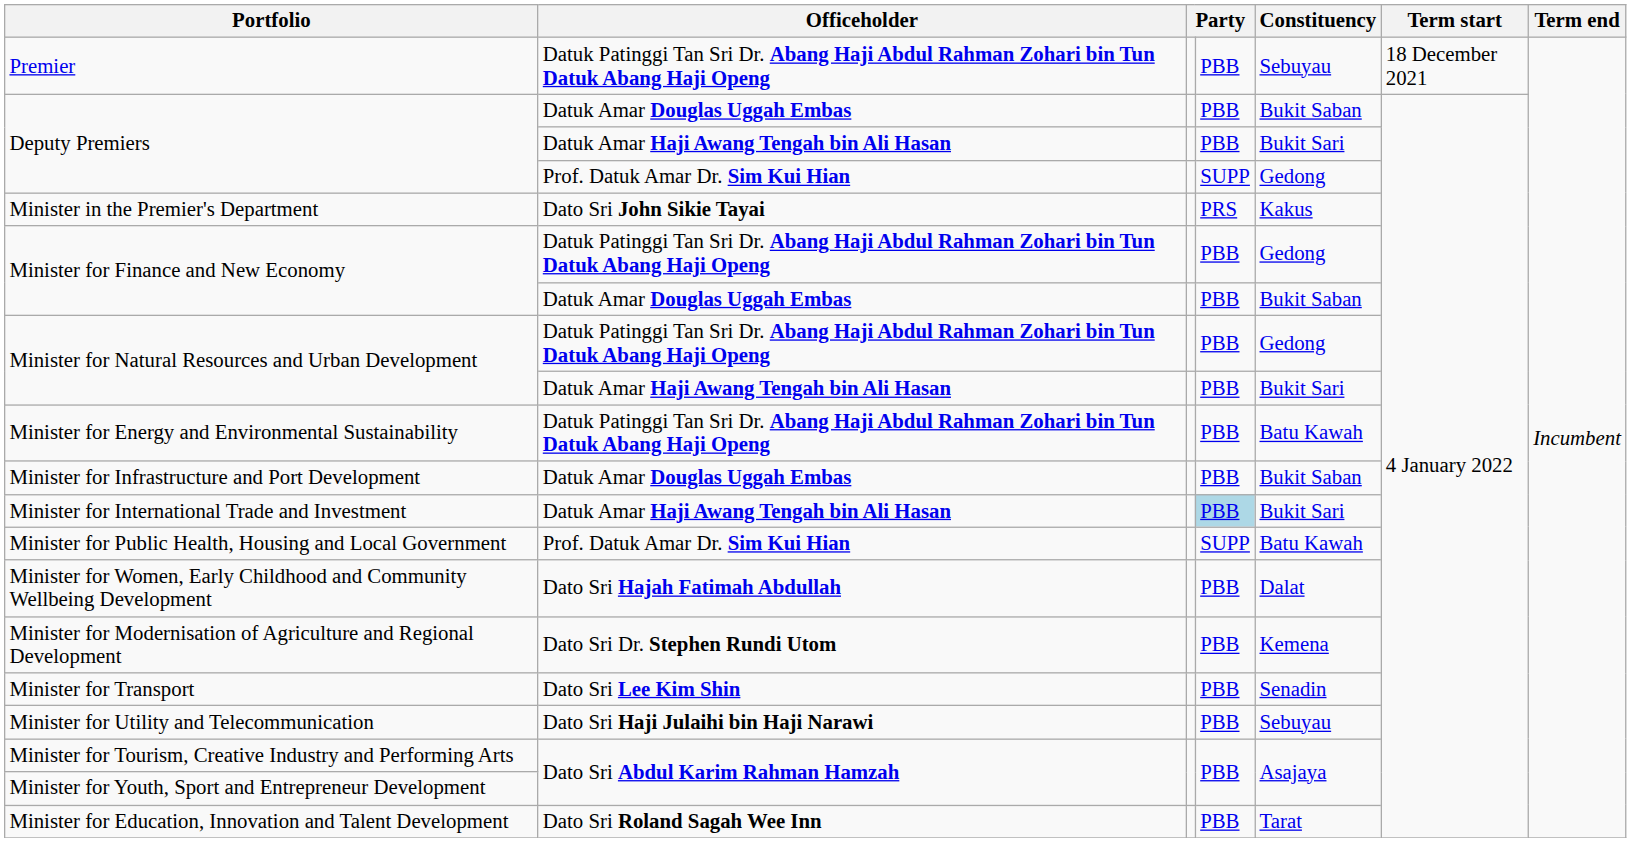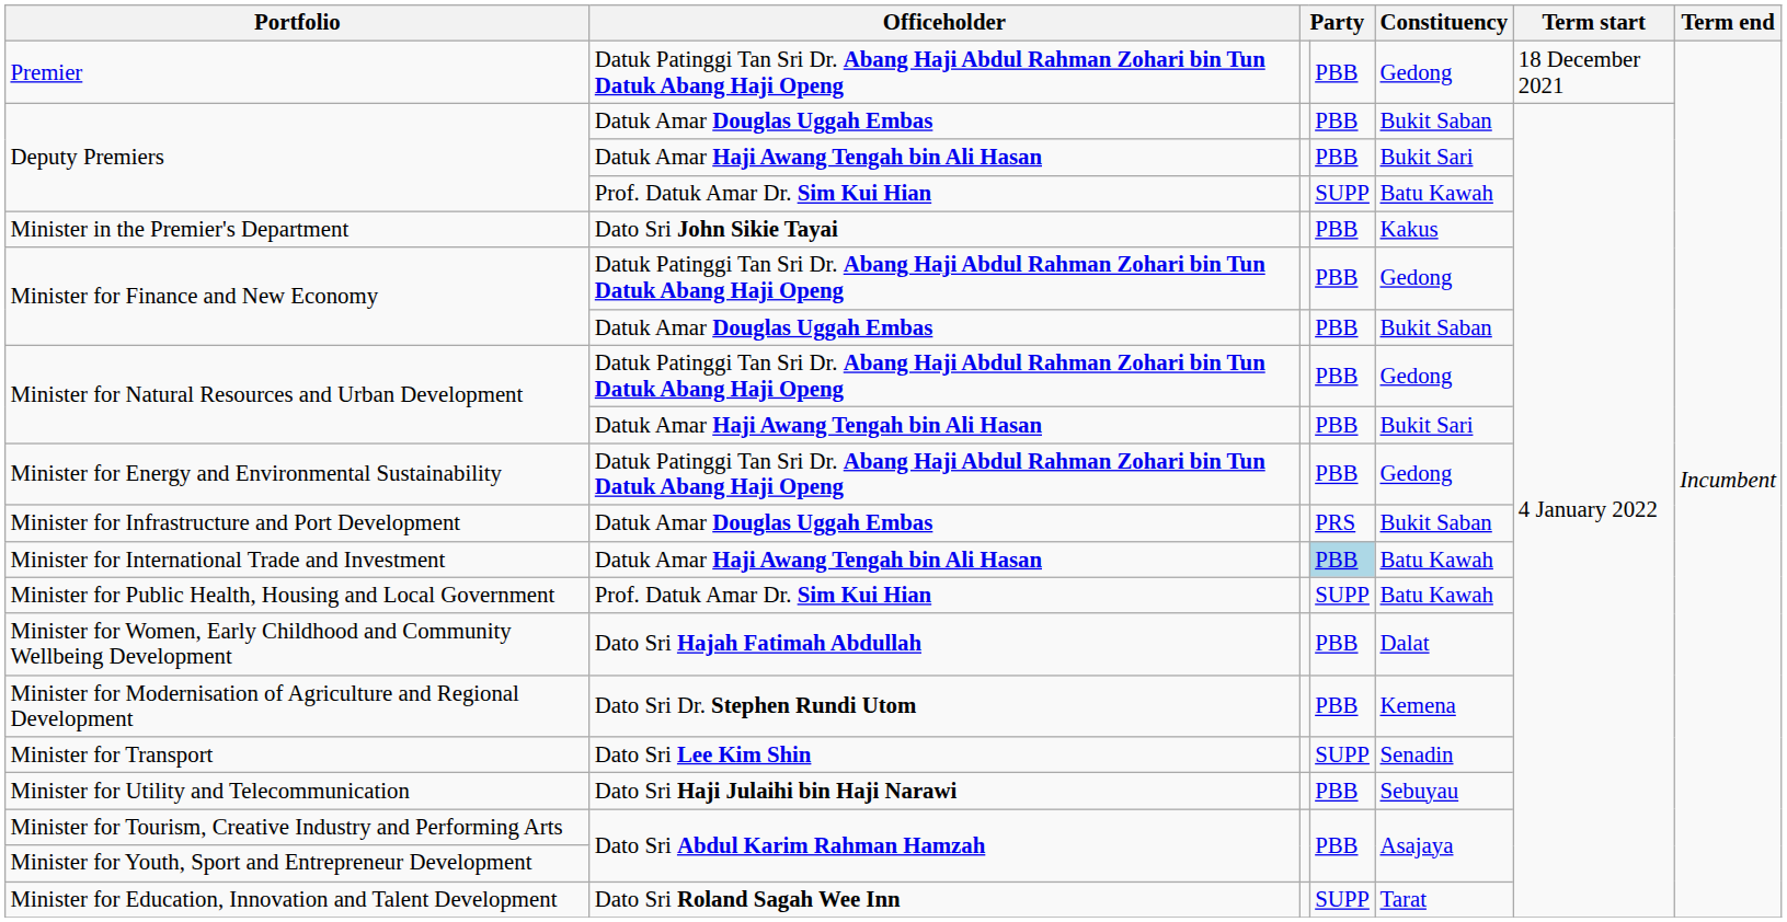 <table class="wikitable sortable">
 <tr>
 <th>Portfolio</th>
 <th>Officeholder</th>
 <th colspan="2">Party</th>
 <th>Constituency</th>
 <th>Term start</th>
 <th>Term end</th>
 </tr>
 <tr>
 <td><a href='#'>Premier</a></td>
 <td>Datuk Patinggi Tan Sri Dr. <strong><a href='#'>Abang Haji Abdul Rahman Zohari bin Tun Datuk Abang Haji Openg</a></strong></td>
 <td style="background:"></td>
 <td><a href='#'>PBB</a></td>
-<td><a href='#'>Sebuyau</a></td>
+<td><a href='#'>Gedong</a></td>
 <td>18 December 2021</td>
 <td rowspan="20"><em>Incumbent</em></td>
 </tr>
 <tr>
 <td rowspan="3">Deputy Premiers</td>
 <td>Datuk Amar <strong><a href='#'>Douglas Uggah Embas</a></strong></td>
 <td style="background:"></td>
 <td><a href='#'>PBB</a></td>
 <td><a href='#'>Bukit Saban</a></td>
 <td rowspan="20">4 January 2022</td>
 </tr>
 <tr>
 <td>Datuk Amar <strong><a href='#'>Haji Awang Tengah bin Ali Hasan</a></strong></td>
 <td style="background:"></td>
 <td><a href='#'>PBB</a></td>
 <td><a href='#'>Bukit Sari</a></td>
 </tr>
 <tr>
 <td>Prof. Datuk Amar Dr. <strong><a href='#'>Sim Kui Hian</a></strong></td>
 <td></td>
 <td><a href='#'>SUPP</a></td>
-<td><a href='#'>Gedong</a></td>
+<td><a href='#'>Batu Kawah</a></td>
 </tr>
 <tr>
 <td>Minister in the Premier's Department</td>
 <td>Dato Sri <strong>John Sikie Tayai</strong></td>
 <td></td>
-<td><a href='#'>PRS</a></td>
+<td><a href='#'>PBB</a></td>
 <td><a href='#'>Kakus</a></td>
 </tr>
 <tr>
 <td rowspan="2">Minister for Finance and New Economy</td>
 <td>Datuk Patinggi Tan Sri Dr. <strong><a href='#'>Abang Haji Abdul Rahman Zohari bin Tun Datuk Abang Haji Openg</a></strong></td>
 <td style="background:"></td>
 <td><a href='#'>PBB</a></td>
 <td><a href='#'>Gedong</a></td>
 </tr>
 <tr>
 <td>Datuk Amar <strong><a href='#'>Douglas Uggah Embas</a></strong> <br> </td>
 <td style="background:"></td>
 <td><a href='#'>PBB</a></td>
 <td><a href='#'>Bukit Saban</a></td>
 </tr>
 <tr>
 <td rowspan="2">Minister for Natural Resources and Urban Development</td>
 <td>Datuk Patinggi Tan Sri Dr. <strong><a href='#'>Abang Haji Abdul Rahman Zohari bin Tun Datuk Abang Haji Openg</a></strong></td>
 <td style="background:"></td>
 <td><a href='#'>PBB</a></td>
 <td><a href='#'>Gedong</a></td>
 </tr>
 <tr>
 <td>Datuk Amar <strong><a href='#'>Haji Awang Tengah bin Ali Hasan</a></strong> <br> </td>
 <td style="background:"></td>
 <td><a href='#'>PBB</a></td>
 <td><a href='#'>Bukit Sari</a></td>
 </tr>
 <tr>
 <td>Minister for Energy and Environmental Sustainability</td>
 <td>Datuk Patinggi Tan Sri Dr. <strong><a href='#'>Abang Haji Abdul Rahman Zohari bin Tun Datuk Abang Haji Openg</a></strong></td>
 <td style="background:"></td>
 <td><a href='#'>PBB</a></td>
-<td><a href='#'>Batu Kawah</a></td>
+<td><a href='#'>Gedong</a></td>
 </tr>
 <tr>
 <td>Minister for Infrastructure and Port Development</td>
 <td>Datuk Amar <strong><a href='#'>Douglas Uggah Embas</a></strong></td>
 <td style="background:"></td>
-<td><a href='#'>PBB</a></td>
+<td><a href='#'>PRS</a></td>
 <td><a href='#'>Bukit Saban</a></td>
 </tr>
 <tr>
 <td>Minister for International Trade and Investment</td>
 <td>Datuk Amar <strong><a href='#'>Haji Awang Tengah bin Ali Hasan</a></strong></td>
 <td style="background:"></td>
 <td style="background: lightblue;"><a href='#'>PBB</a></td>
-<td><a href='#'>Bukit Sari</a></td>
+<td><a href='#'>Batu Kawah</a></td>
 </tr>
 <tr>
 <td>Minister for Public Health, Housing and Local Government</td>
 <td>Prof. Datuk Amar Dr. <strong><a href='#'>Sim Kui Hian</a></strong></td>
 <td></td>
 <td><a href='#'>SUPP</a></td>
 <td><a href='#'>Batu Kawah</a></td>
 </tr>
 <tr>
 <td>Minister for Women, Early Childhood and Community Wellbeing Development</td>
 <td>Dato Sri <strong><a href='#'>Hajah Fatimah Abdullah</a></strong></td>
 <td style="background:"></td>
 <td><a href='#'>PBB</a></td>
 <td><a href='#'>Dalat</a></td>
 </tr>
 <tr>
 <td>Minister for Modernisation of Agriculture and Regional Development</td>
 <td>Dato Sri Dr. <strong>Stephen Rundi Utom</strong></td>
 <td style="background:"></td>
 <td><a href='#'>PBB</a></td>
 <td><a href='#'>Kemena</a></td>
 </tr>
 <tr>
 <td>Minister for Transport</td>
 <td>Dato Sri <strong><a href='#'>Lee Kim Shin</a></strong></td>
 <td></td>
-<td><a href='#'>PBB</a></td>
+<td><a href='#'>SUPP</a></td>
 <td><a href='#'>Senadin</a></td>
 </tr>
 <tr>
 <td>Minister for Utility and Telecommunication</td>
 <td>Dato Sri <strong>Haji Julaihi bin Haji Narawi</strong></td>
 <td style="background:"></td>
 <td><a href='#'>PBB</a></td>
 <td><a href='#'>Sebuyau</a></td>
 </tr>
 <tr>
 <td>Minister for Tourism, Creative Industry and Performing Arts</td>
 <td rowspan="2">Dato Sri <strong><a href='#'>Abdul Karim Rahman Hamzah</a></strong></td>
 <td rowspan="2" style="background:"></td>
 <td rowspan="2"><a href='#'>PBB</a></td>
 <td rowspan="2"><a href='#'>Asajaya</a></td>
 </tr>
 <tr>
 <td>Minister for Youth, Sport and Entrepreneur Development</td>
 </tr>
 <tr>
 <td>Minister for Education, Innovation and Talent Development</td>
 <td>Dato Sri <strong>Roland Sagah Wee Inn</strong></td>
 <td style="background:"></td>
-<td><a href='#'>PBB</a></td>
+<td><a href='#'>SUPP</a></td>
 <td><a href='#'>Tarat</a></td>
 </tr>
 </table>
